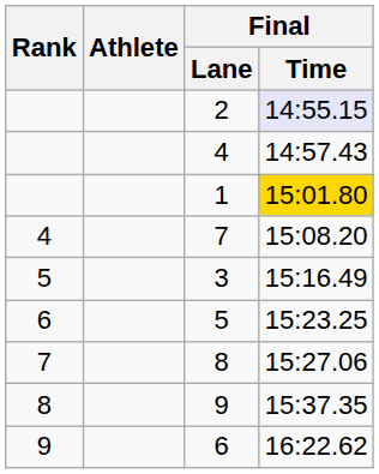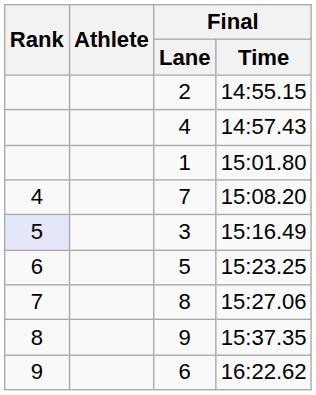 <table class="wikitable sortable"  style="text-align:center">
 <tr>
 <th rowspan="2" data-sort-type=number>Rank</th>
 <th rowspan="2">Athlete</th>
 <th colspan="2">Final</th>
 </tr>
 <tr>
 <th>Lane</th>
 <th>Time</th>
 </tr>
 <tr>
 <td></td>
 <td align="left"></td>
 <td>2</td>
-<td style="background: lavender;">14:55.15</td>
+<td>14:55.15</td>
 </tr>
 <tr>
 <td></td>
 <td align="left"></td>
 <td>4</td>
 <td>14:57.43</td>
 </tr>
 <tr>
 <td></td>
 <td align="left"></td>
 <td>1</td>
-<td style="background: gold;">15:01.80</td>
+<td>15:01.80</td>
 </tr>
 <tr>
 <td>4</td>
 <td align="left"></td>
 <td>7</td>
 <td>15:08.20</td>
 </tr>
 <tr>
-<td>5</td>
+<td style="background: lavender;">5</td>
 <td align="left"></td>
 <td>3</td>
 <td>15:16.49</td>
 </tr>
 <tr>
 <td>6</td>
 <td align="left"></td>
 <td>5</td>
 <td>15:23.25</td>
 </tr>
 <tr>
 <td>7</td>
 <td align="left"></td>
 <td>8</td>
 <td>15:27.06</td>
 </tr>
 <tr>
 <td>8</td>
 <td align="left"></td>
 <td>9</td>
 <td>15:37.35</td>
 </tr>
 <tr>
 <td>9</td>
 <td align="left"></td>
 <td>6</td>
 <td>16:22.62</td>
 </tr>
 </table>
